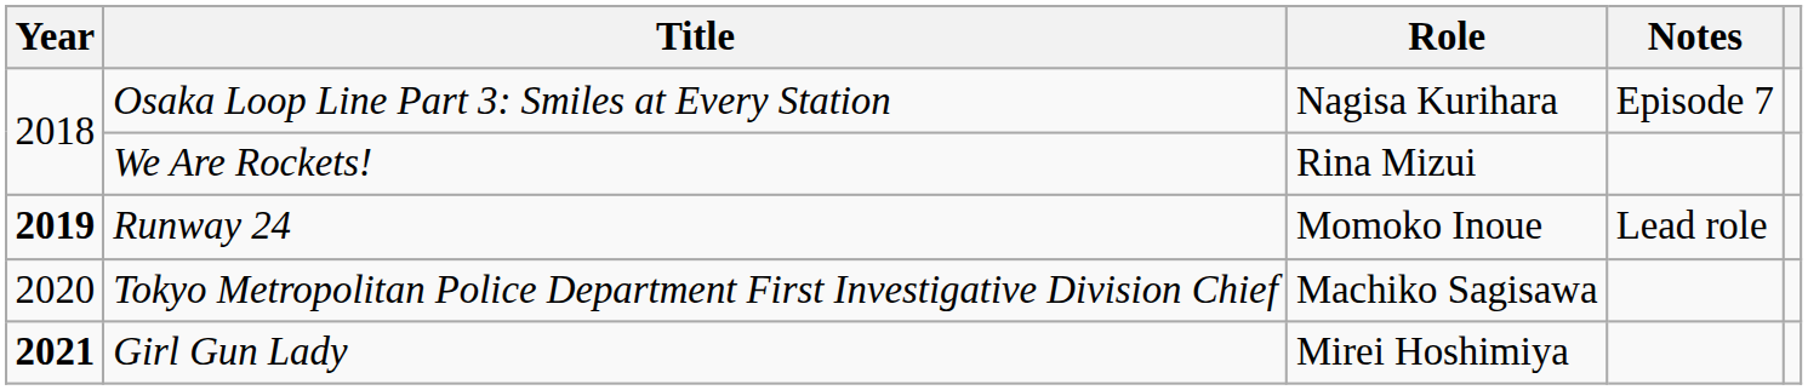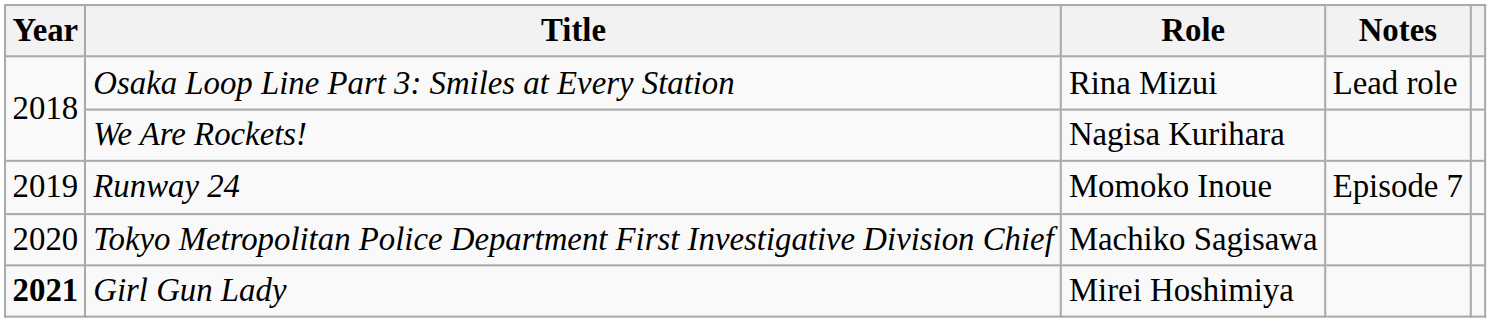 <table class="wikitable sortable">
 <tr>
 <th>Year</th>
 <th>Title</th>
 <th>Role</th>
 <th>Notes</th>
 <th class="unsortable"></th>
 </tr>
 <tr>
 <td rowspan="2">2018</td>
 <td><em>Osaka Loop Line Part 3: Smiles at Every Station</em></td>
-<td>Nagisa Kurihara</td>
-<td>Episode 7</td>
+<td>Rina Mizui</td>
+<td>Lead role</td>
 <td></td>
 </tr>
 <tr>
 <td><em>We Are Rockets!</em></td>
-<td>Rina Mizui</td>
+<td>Nagisa Kurihara</td>
 <td></td>
 <td></td>
 </tr>
 <tr>
-<td><strong>2019</strong></td>
+<td>2019</td>
 <td><em>Runway 24</em></td>
 <td>Momoko Inoue</td>
-<td>Lead role</td>
+<td>Episode 7</td>
 <td></td>
 </tr>
 <tr>
 <td>2020</td>
 <td><em>Tokyo Metropolitan Police Department First Investigative Division Chief</em></td>
 <td>Machiko Sagisawa</td>
 <td></td>
 <td></td>
 </tr>
 <tr>
 <td><strong>2021</strong></td>
 <td><em>Girl Gun Lady</em></td>
 <td>Mirei Hoshimiya</td>
 <td></td>
 <td></td>
 </tr>
 </table>
